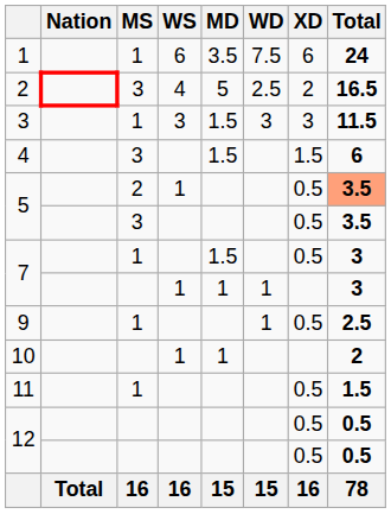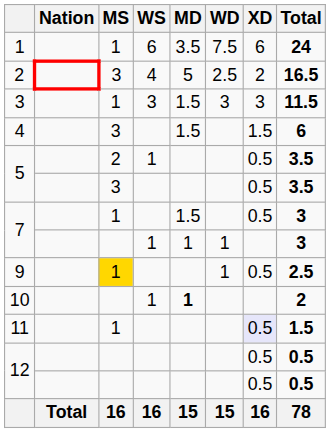 <table class="wikitable" style="text-align:center">
 <tr>
 <th width="20"></th>
 <th>Nation</th>
 <th width="20">MS</th>
 <th width="20">WS</th>
 <th width="20">MD</th>
 <th width="20">WD</th>
 <th width="20">XD</th>
 <th>Total</th>
 </tr>
 <tr>
 <td>1</td>
 <td align=left></td>
 <td>1</td>
 <td>6</td>
 <td>3.5</td>
 <td>7.5</td>
 <td>6</td>
 <td><strong>24</strong></td>
 </tr>
 <tr>
 <td>2</td>
 <td align=left style="border: 3px solid red"><strong></strong></td>
 <td>3</td>
 <td>4</td>
 <td>5</td>
 <td>2.5</td>
 <td>2</td>
 <td><strong>16.5</strong></td>
 </tr>
 <tr>
 <td>3</td>
 <td align=left></td>
 <td>1</td>
 <td>3</td>
 <td>1.5</td>
 <td>3</td>
 <td>3</td>
 <td><strong>11.5</strong></td>
 </tr>
 <tr>
 <td>4</td>
 <td align=left></td>
 <td>3</td>
 <td></td>
 <td>1.5</td>
 <td></td>
 <td>1.5</td>
 <td><strong>6</strong></td>
 </tr>
 <tr>
 <td rowspan=2>5</td>
 <td align=left></td>
 <td>2</td>
 <td>1</td>
 <td></td>
 <td></td>
 <td>0.5</td>
-<td style="background: lightsalmon;"><strong>3.5</strong></td>
+<td><strong>3.5</strong></td>
 </tr>
 <tr>
 <td align=left></td>
 <td>3</td>
 <td></td>
 <td></td>
 <td></td>
 <td>0.5</td>
 <td><strong>3.5</strong></td>
 </tr>
 <tr>
 <td rowspan=2>7</td>
 <td align=left></td>
 <td>1</td>
 <td></td>
 <td>1.5</td>
 <td></td>
 <td>0.5</td>
 <td><strong>3</strong></td>
 </tr>
 <tr>
 <td align=left></td>
 <td></td>
 <td>1</td>
 <td>1</td>
 <td>1</td>
 <td></td>
 <td><strong>3</strong></td>
 </tr>
 <tr>
 <td>9</td>
 <td align=left></td>
-<td>1</td>
+<td style="background: gold;">1</td>
 <td></td>
 <td></td>
 <td>1</td>
 <td>0.5</td>
 <td><strong>2.5</strong></td>
 </tr>
 <tr>
 <td>10</td>
 <td align=left></td>
 <td></td>
 <td>1</td>
-<td>1</td>
+<td><strong>1</strong></td>
 <td></td>
 <td></td>
 <td><strong>2</strong></td>
 </tr>
 <tr>
 <td>11</td>
 <td align=left></td>
 <td>1</td>
 <td></td>
 <td></td>
 <td></td>
-<td>0.5</td>
+<td style="background: lavender;">0.5</td>
 <td><strong>1.5</strong></td>
 </tr>
 <tr>
 <td rowspan=2>12</td>
 <td align=left></td>
 <td></td>
 <td></td>
 <td></td>
 <td></td>
 <td>0.5</td>
 <td><strong>0.5</strong></td>
 </tr>
 <tr>
 <td align=left></td>
 <td></td>
 <td></td>
 <td></td>
 <td></td>
 <td>0.5</td>
 <td><strong>0.5</strong></td>
 </tr>
 <tr>
 <th></th>
 <th align=left>Total</th>
 <th>16</th>
 <th>16</th>
 <th>15</th>
 <th>15</th>
 <th>16</th>
 <th>78</th>
 </tr>
 </table>
